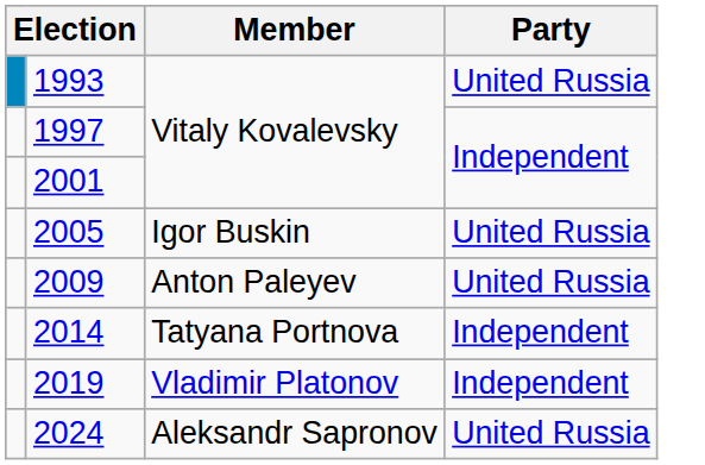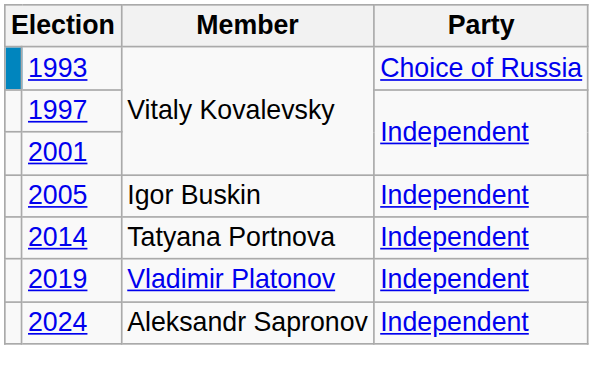 <table class="wikitable">
 <tr>
 <th colspan="2">Election</th>
 <th>Member</th>
 <th>Party</th>
 </tr>
 <tr>
 <td style="background-color:#0085BE"></td>
 <td><a href='#'>1993</a></td>
 <td rowspan=3>Vitaly Kovalevsky</td>
-<td><a href='#'>United Russia</a></td>
+<td><a href='#'>Choice of Russia</a></td>
 </tr>
 <tr>
 <td style="background-color:"></td>
 <td><a href='#'>1997</a></td>
 <td rowspan=2><a href='#'>Independent</a></td>
 </tr>
 <tr>
 <td style="background-color:"></td>
 <td><a href='#'>2001</a></td>
 </tr>
 <tr>
 <td style="background-color:"></td>
 <td><a href='#'>2005</a></td>
 <td>Igor Buskin</td>
-<td><a href='#'>United Russia</a></td>
-</tr>
-<tr>
-<td style="background-color:"></td>
-<td><a href='#'>2009</a></td>
-<td>Anton Paleyev</td>
-<td><a href='#'>United Russia</a></td>
+<td><a href='#'>Independent</a></td>
 </tr>
 <tr>
 <td style="background-color:"></td>
 <td><a href='#'>2014</a></td>
 <td>Tatyana Portnova</td>
 <td><a href='#'>Independent</a></td>
 </tr>
 <tr>
 <td style="background-color:"></td>
 <td><a href='#'>2019</a></td>
 <td><a href='#'>Vladimir Platonov</a></td>
 <td><a href='#'>Independent</a></td>
 </tr>
 <tr>
 <td style="background-color:"></td>
 <td><a href='#'>2024</a></td>
 <td>Aleksandr Sapronov</td>
-<td><a href='#'>United Russia</a></td>
+<td><a href='#'>Independent</a></td>
 </tr>
 </table>
